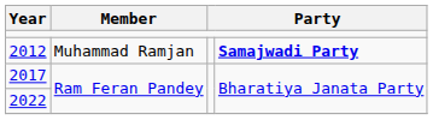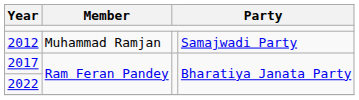 <table class="wikitable">
 <tr>
 <th>Year</th>
 <th>Member</th>
 <th colspan=2>Party</th>
 </tr>
 <tr>
 <td colspan="4"></td>
 </tr>
 <tr>
 <td><a href='#'>2012</a></td>
 <td>Muhammad Ramjan</td>
 <td style="background-color: "></td>
-<td><strong><a href='#'>Samajwadi Party</a></strong></td>
+<td><a href='#'>Samajwadi Party</a></td>
 </tr>
 <tr>
 <td><a href='#'>2017</a></td>
 <td rowspan="2"><a href='#'>Ram Feran Pandey</a></td>
 <td rowspan="2" style="background-color: "></td>
 <td rowspan="2"><a href='#'>Bharatiya Janata Party</a></td>
 </tr>
 <tr>
 <td><a href='#'>2022</a></td>
 </tr>
 <tr>
 </tr>
 </table>
